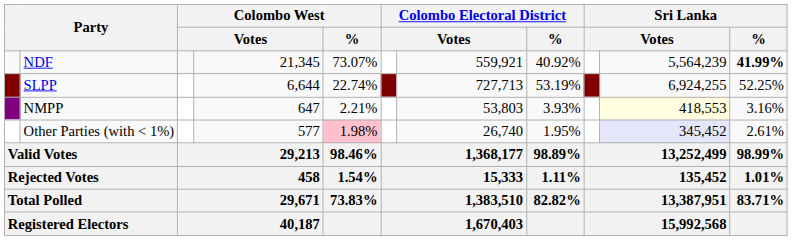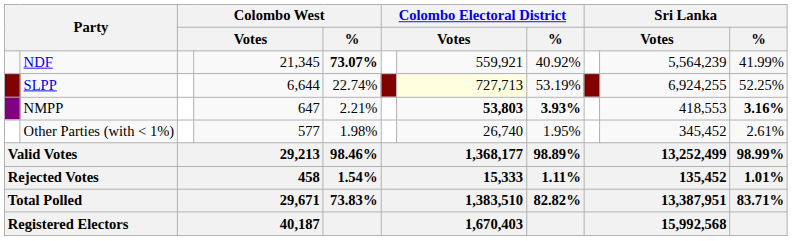 <table class="wikitable">
 <tr>
 <th colspan="2" width="144px"rowspan="2">Party</th>
 <th colspan="3" width="216px">Colombo West</th>
 <th colspan="3" width="216px"><a href='#'>Colombo Electoral District</a></th>
 <th colspan="3" width="216px">Sri Lanka</th>
 </tr>
 <tr>
 <th colspan="2" width="144px">Votes</th>
 <th>%</th>
 <th colspan="2" width="144px">Votes</th>
 <th>%</th>
 <th colspan="2" width="144px">Votes</th>
 <th>%</th>
 </tr>
 <tr>
 <td style="background-color:"></td>
 <td style="text-align:left;"><a href='#'>NDF</a></td>
 <td style="background-color:"></td>
 <td style="text-align:right;">21,345</td>
-<td style="text-align:right;">73.07%</td>
+<td style="text-align:right;"><strong>73.07%</strong></td>
 <td style="background-color:white;" width="10px"></td>
 <td style="text-align:right;">559,921</td>
 <td style="text-align:right;">40.92%</td>
 <td style="background-color:white;" width="10px"></td>
 <td style="text-align:right;">5,564,239</td>
-<td style="text-align:right;"><strong>41.99%</strong></td>
+<td style="text-align:right;">41.99%</td>
 </tr>
 <tr>
 <td style="background-color:maroon;" width="10px"></td>
 <td style="text-align:left;"><a href='#'>SLPP</a></td>
 <td style="background-color:white;" width="10px"></td>
 <td style="text-align:right;">6,644</td>
 <td style="text-align:right;">22.74%</td>
 <td style="background-color:maroon;" width="10px"></td>
-<td style="text-align:right;">727,713</td>
+<td style="background: lightyellow; text-align:right;">727,713</td>
 <td style="text-align:right;">53.19%</td>
 <td style="background-color:maroon;" width="10px"></td>
 <td style="text-align:right;">6,924,255</td>
 <td style="text-align:right;">52.25%</td>
 </tr>
 <tr>
 <td style="background-color:purple;" width="10px"></td>
 <td style="text-align:left;">NMPP</td>
 <td style="background-color:white;" width="10px"></td>
 <td style="text-align:right;">647</td>
 <td style="text-align:right;">2.21%</td>
 <td style="background-color:white;" width="10px"></td>
-<td style="text-align:right;">53,803</td>
-<td style="text-align:right;">3.93%</td>
+<td style="text-align:right;"><strong>53,803</strong></td>
+<td style="text-align:right;"><strong>3.93%</strong></td>
 <td style="background-color:white;" width="10px"></td>
-<td style="background: lightyellow; text-align:right;">418,553</td>
-<td style="text-align:right;">3.16%</td>
+<td style="text-align:right;">418,553</td>
+<td style="text-align:right;"><strong>3.16%</strong></td>
 </tr>
 <tr>
 <td style="background-color:white;" width="10px"></td>
 <td style="text-align:left;">Other Parties (with < 1%)</td>
 <td style="background-color:white;" width="10px"></td>
 <td style="text-align:right;">577</td>
-<td style="background: pink; text-align:right;">1.98%</td>
+<td style="text-align:right;">1.98%</td>
 <td style="background-color:white;" width="10px"></td>
 <td style="text-align:right;">26,740</td>
 <td style="text-align:right;">1.95%</td>
 <td style="background-color:white;" width="10px"></td>
-<td style="background: lavender; text-align:right;">345,452</td>
+<td style="text-align:right;">345,452</td>
 <td style="text-align:right;">2.61%</td>
 </tr>
 <tr>
 <th colspan="2" width="144px"style="text-align:left;">Valid Votes</th>
 <th style="text-align:right;"colspan="2" width="144px">29,213</th>
 <th style="text-align:right;">98.46%</th>
 <th style="text-align:right;"colspan="2" width="144px">1,368,177</th>
 <th style="text-align:right;">98.89%</th>
 <th style="text-align:right;"colspan="2" width="144px">13,252,499</th>
 <th style="text-align:right;">98.99%</th>
 </tr>
 <tr>
 <th colspan="2" width="144px"style="text-align:left;">Rejected Votes</th>
 <th style="text-align:right;"colspan="2" width="144px">458</th>
 <th style="text-align:right;">1.54%</th>
 <th style="text-align:right;"colspan="2" width="144px">15,333</th>
 <th style="text-align:right;">1.11%</th>
 <th style="text-align:right;"colspan="2" width="144px">135,452</th>
 <th style="text-align:right;">1.01%</th>
 </tr>
 <tr>
 <th colspan="2" width="144px"style="text-align:left;">Total Polled</th>
 <th style="text-align:right;"colspan="2" width="144px">29,671</th>
 <th style="text-align:right;">73.83%</th>
 <th style="text-align:right;"colspan="2" width="144px">1,383,510</th>
 <th style="text-align:right;">82.82%</th>
 <th style="text-align:right;"colspan="2" width="144px">13,387,951</th>
 <th style="text-align:right;">83.71%</th>
 </tr>
 <tr>
 <th colspan="2" width="144px"style="text-align:left;">Registered Electors</th>
 <th style="text-align:right;"colspan="2" width="144px">40,187</th>
 <th></th>
 <th style="text-align:right;"colspan="2" width="144px">1,670,403</th>
 <th></th>
 <th style="text-align:right;"colspan="2" width="144px">15,992,568</th>
 <th></th>
 </tr>
 </table>
